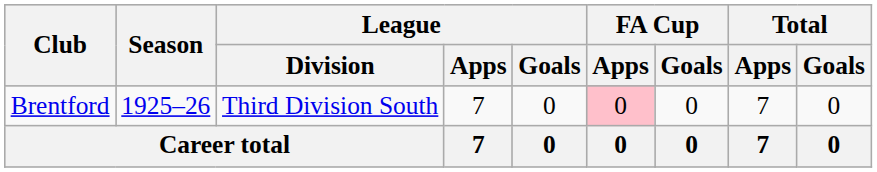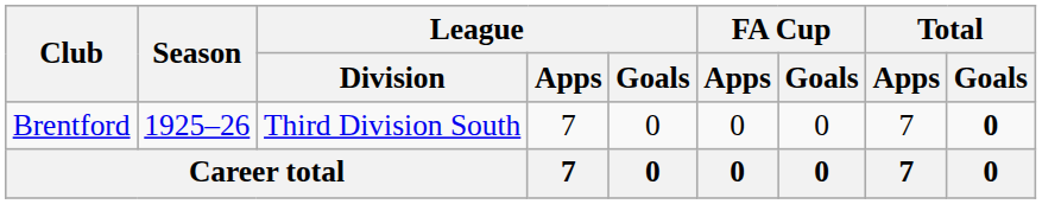 <table class="wikitable" style="text-align: center;">
 <tr>
 <th rowspan="2">Club</th>
 <th rowspan="2">Season</th>
 <th colspan="3">League</th>
 <th colspan="2">FA Cup</th>
 <th colspan="2">Total</th>
 </tr>
 <tr>
 <th>Division</th>
 <th>Apps</th>
 <th>Goals</th>
 <th>Apps</th>
 <th>Goals</th>
 <th>Apps</th>
 <th>Goals</th>
 </tr>
 <tr>
 <td><a href='#'>Brentford</a></td>
 <td><a href='#'>1925–26</a></td>
 <td><a href='#'>Third Division South</a></td>
 <td>7</td>
 <td>0</td>
-<td style="background: pink;">0</td>
+<td>0</td>
 <td>0</td>
 <td>7</td>
-<td>0</td>
+<td><strong>0</strong></td>
 </tr>
 <tr>
 <th colspan="3">Career total</th>
 <th>7</th>
 <th>0</th>
 <th>0</th>
 <th>0</th>
 <th>7</th>
 <th>0</th>
 </tr>
 </table>
